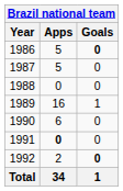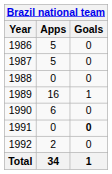 <table class="wikitable" style="text-align:center">
 <tr>
 <th colspan=3><a href='#'>Brazil national team</a></th>
 </tr>
 <tr>
 <th>Year</th>
 <th>Apps</th>
 <th>Goals</th>
 </tr>
 <tr>
 <td>1986</td>
 <td>5</td>
-<td><strong>0</strong></td>
+<td>0</td>
 </tr>
 <tr>
 <td>1987</td>
 <td>5</td>
 <td>0</td>
 </tr>
 <tr>
 <td>1988</td>
 <td>0</td>
 <td>0</td>
 </tr>
 <tr>
 <td>1989</td>
 <td>16</td>
 <td>1</td>
 </tr>
 <tr>
 <td>1990</td>
 <td>6</td>
 <td>0</td>
 </tr>
 <tr>
 <td>1991</td>
+<td>0</td>
 <td><strong>0</strong></td>
-<td>0</td>
 </tr>
 <tr>
 <td>1992</td>
 <td>2</td>
-<td><strong>0</strong></td>
+<td>0</td>
 </tr>
 <tr>
 <th>Total</th>
 <th>34</th>
 <th>1</th>
 </tr>
 </table>
